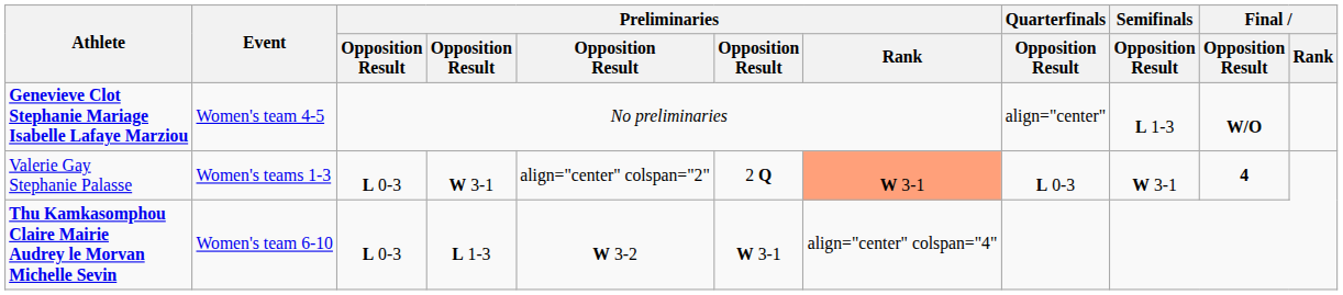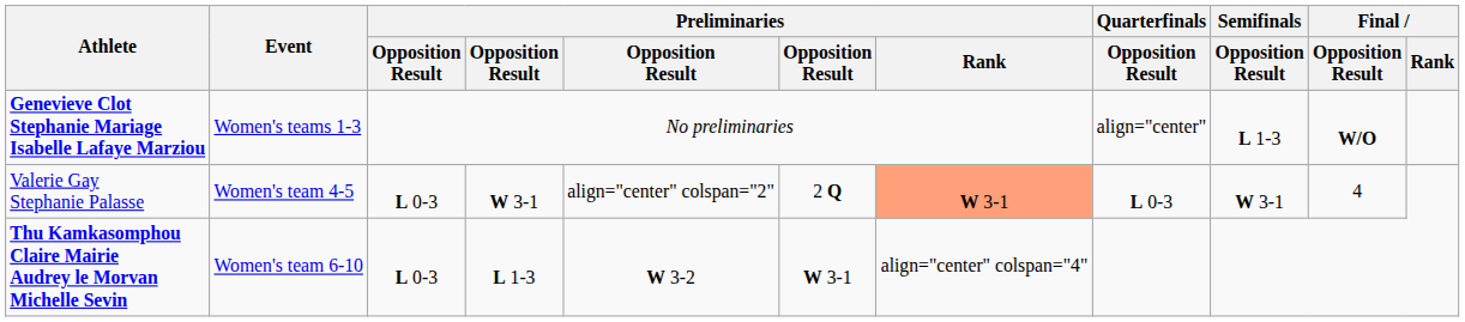 <table class=wikitable style="font-size:90%">
 <tr>
 <th rowspan="2">Athlete</th>
 <th rowspan="2">Event</th>
 <th colspan="5">Preliminaries</th>
 <th>Quarterfinals</th>
 <th>Semifinals</th>
 <th colspan="2">Final / </th>
 </tr>
 <tr>
 <th>Opposition<br>Result</th>
 <th>Opposition<br>Result</th>
 <th>Opposition<br>Result</th>
 <th>Opposition<br>Result</th>
 <th>Rank</th>
 <th>Opposition<br>Result</th>
 <th>Opposition<br>Result</th>
 <th>Opposition<br>Result</th>
 <th>Rank</th>
 </tr>
 <tr>
 <td><strong><a href='#'>Genevieve Clot</a></strong><br> <strong><a href='#'>Stephanie Mariage</a></strong><br> <strong><a href='#'>Isabelle Lafaye Marziou</a></strong></td>
-<td><a href='#'>Women's team 4-5</a></td>
+<td><a href='#'>Women's teams 1-3</a></td>
 <td align="center" colspan="5"><em>No preliminaries</em></td>
 <td>align="center" </td>
 <td align="center"><br><strong>L</strong> 1-3</td>
 <td align="center"><br><strong>W/O</strong></td>
 <td align="center"></td>
 </tr>
 <tr>
 <td><a href='#'>Valerie Gay</a><br> <a href='#'>Stephanie Palasse</a></td>
-<td><a href='#'>Women's teams 1-3</a></td>
+<td><a href='#'>Women's team 4-5</a></td>
 <td align="center"><br><strong>L</strong> 0-3</td>
 <td align="center"><br><strong>W</strong> 3-1</td>
 <td>align="center" colspan="2" </td>
 <td align="center">2 <strong>Q</strong></td>
 <td align="center" style="background: lightsalmon;"><br><strong>W</strong> 3-1</td>
 <td align="center"><br><strong>L</strong> 0-3</td>
 <td align="center"><br><strong>W</strong> 3-1</td>
-<td align="center"><strong>4</strong></td>
+<td align="center">4</td>
 </tr>
 <tr>
 <td><strong><a href='#'>Thu Kamkasomphou</a></strong><br> <strong><a href='#'>Claire Mairie</a></strong><br> <strong><a href='#'>Audrey le Morvan</a></strong><br> <strong><a href='#'>Michelle Sevin</a></strong></td>
 <td><a href='#'>Women's team 6-10</a></td>
 <td align="center"><br><strong>L</strong> 0-3</td>
 <td align="center"><br><strong>L</strong> 1-3</td>
 <td align="center"><br><strong>W</strong> 3-2</td>
 <td align="center"><br><strong>W</strong> 3-1</td>
 <td>align="center" colspan="4" </td>
 <td align="center"></td>
 </tr>
 </table>
